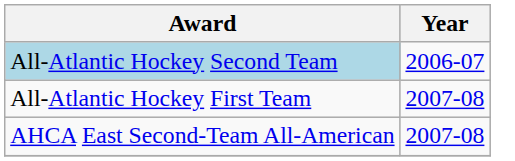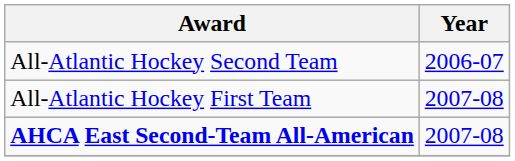 <table class="wikitable">
 <tr>
 <th>Award</th>
 <th>Year</th>
 </tr>
 <tr>
-<td style="background: lightblue;">All-<a href='#'>Atlantic Hockey</a> <a href='#'>Second Team</a></td>
+<td>All-<a href='#'>Atlantic Hockey</a> <a href='#'>Second Team</a></td>
 <td><a href='#'>2006-07</a></td>
 </tr>
 <tr>
 <td>All-<a href='#'>Atlantic Hockey</a> <a href='#'>First Team</a></td>
 <td><a href='#'>2007-08</a></td>
 </tr>
 <tr>
-<td><a href='#'>AHCA</a> <a href='#'>East Second-Team All-American</a></td>
+<td><strong><a href='#'>AHCA</a> <a href='#'>East Second-Team All-American</a></strong></td>
 <td><a href='#'>2007-08</a></td>
 </tr>
 <tr>
 </tr>
 </table>
